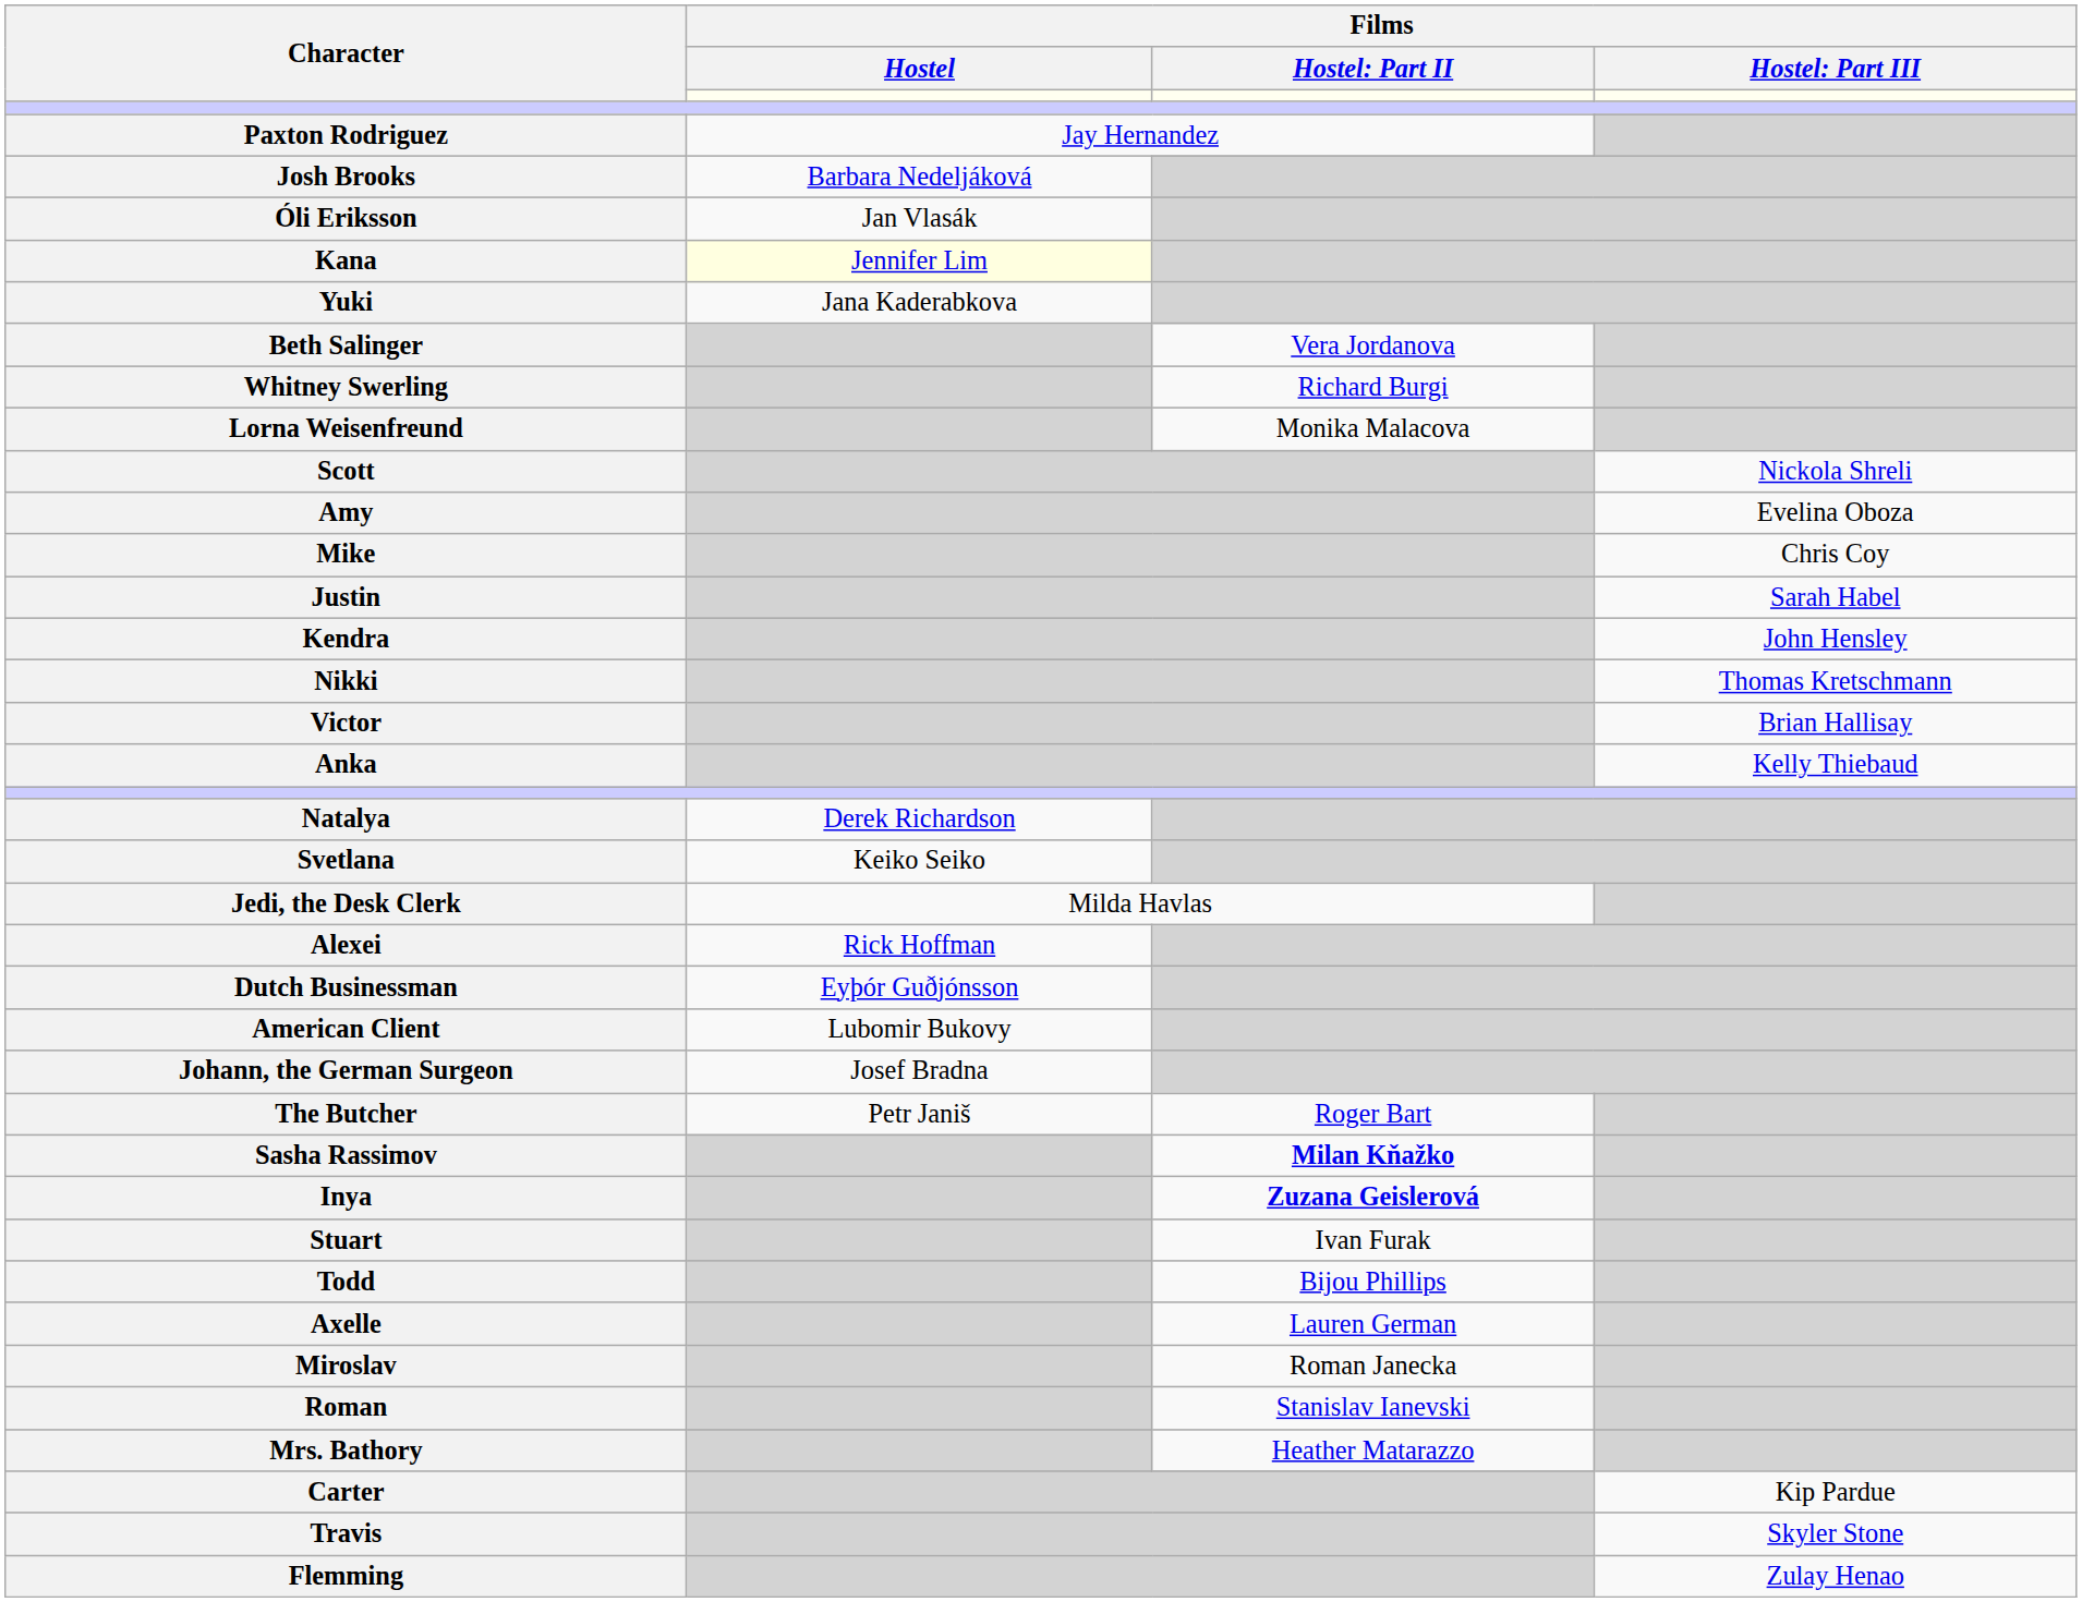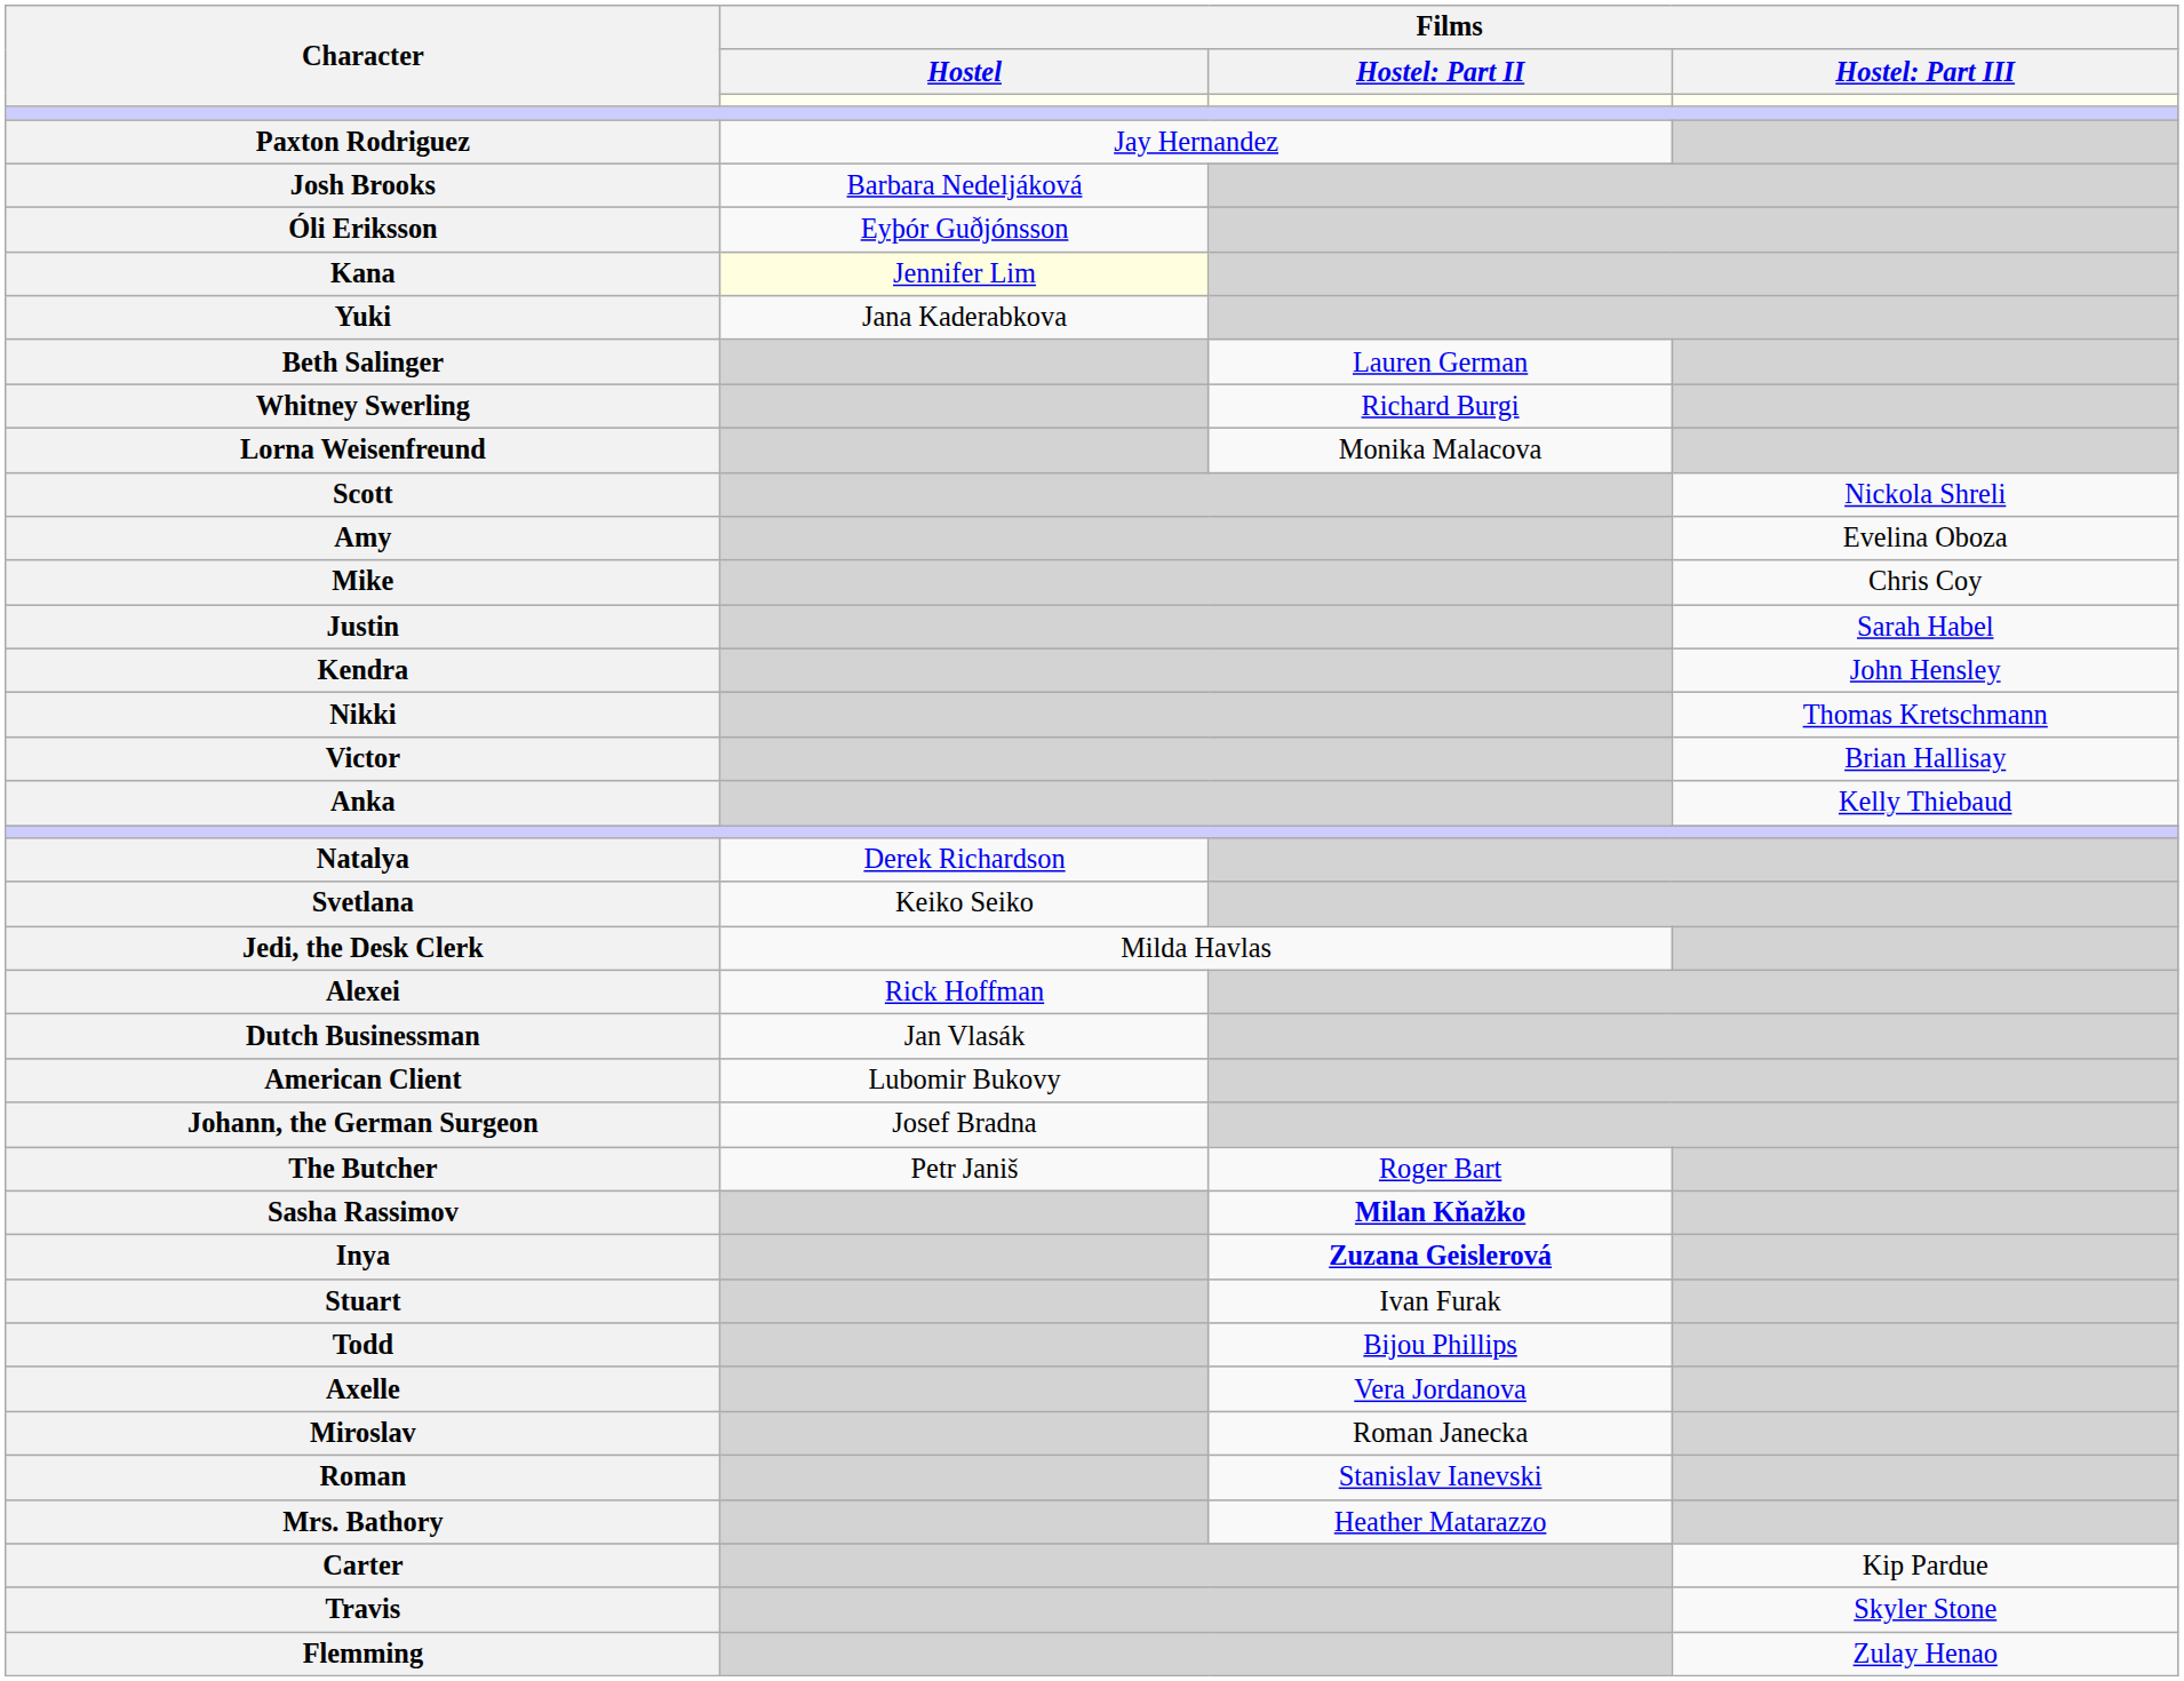 <table class="wikitable" style="text-align:center; width:99%;">
 <tr>
 <th rowspan="3">Character</th>
 <th colspan="4" style="text-align:center;">Films</th>
 </tr>
 <tr>
 <th style="text-align:center;"><em><a href='#'>Hostel</a></em></th>
 <th style="text-align:center;"><em><a href='#'>Hostel: Part II</a></em></th>
 <th style="text-align:center;"><em><a href='#'>Hostel: Part III</a></em></th>
 </tr>
 <tr>
 <th style="background:ivory;"></th>
 <th style="background:ivory;"></th>
 <th style="background:ivory;"></th>
 </tr>
 <tr>
 <th style="background-color:#ccccff;" colspan="4"></th>
 </tr>
 <tr>
 <th>Paxton Rodriguez</th>
 <td colspan="2"><a href='#'>Jay Hernandez</a></td>
 <td style="background:lightgrey;"> </td>
 </tr>
 <tr>
 <th>Josh Brooks</th>
 <td><a href='#'>Barbara Nedeljáková</a></td>
 <td colspan="2" style="background:lightgrey;"> </td>
 </tr>
 <tr>
 <th>Óli Eriksson</th>
-<td>Jan Vlasák</td>
+<td><a href='#'>Eyþór Guðjónsson</a></td>
 <td colspan="2" style="background:lightgrey;"> </td>
 </tr>
 <tr>
 <th>Kana</th>
 <td style="background: lightyellow;"><a href='#'>Jennifer Lim</a></td>
 <td colspan="2" style="background:lightgrey;"> </td>
 </tr>
 <tr>
 <th>Yuki</th>
 <td>Jana Kaderabkova</td>
 <td colspan="2" style="background:lightgrey;"> </td>
 </tr>
 <tr>
 <th>Beth Salinger</th>
 <td style="background:lightgrey;"> </td>
-<td><a href='#'>Vera Jordanova</a></td>
+<td><a href='#'>Lauren German</a></td>
 <td style="background:lightgrey;"> </td>
 </tr>
 <tr>
 <th>Whitney Swerling</th>
 <td style="background:lightgrey;"> </td>
 <td><a href='#'>Richard Burgi</a></td>
 <td style="background:lightgrey;"> </td>
 </tr>
 <tr>
 <th>Lorna Weisenfreund</th>
 <td style="background:lightgrey;"> </td>
 <td>Monika Malacova</td>
 <td style="background:lightgrey;"> </td>
 </tr>
 <tr>
 <th>Scott</th>
 <td colspan="2" style="background:lightgrey;"> </td>
 <td><a href='#'>Nickola Shreli</a></td>
 </tr>
 <tr>
 <th>Amy</th>
 <td colspan="2" style="background:lightgrey;"> </td>
 <td>Evelina Oboza</td>
 </tr>
 <tr>
 <th>Mike</th>
 <td colspan="2" style="background:lightgrey;"> </td>
 <td>Chris Coy</td>
 </tr>
 <tr>
 <th>Justin</th>
 <td colspan="2" style="background:lightgrey;"> </td>
 <td><a href='#'>Sarah Habel</a></td>
 </tr>
 <tr>
 <th>Kendra</th>
 <td colspan="2" style="background:lightgrey;"> </td>
 <td><a href='#'>John Hensley</a></td>
 </tr>
 <tr>
 <th>Nikki</th>
 <td colspan="2" style="background:lightgrey;"> </td>
 <td><a href='#'>Thomas Kretschmann</a></td>
 </tr>
 <tr>
 <th>Victor</th>
 <td colspan="2" style="background:lightgrey;"> </td>
 <td><a href='#'>Brian Hallisay</a></td>
 </tr>
 <tr>
 <th>Anka</th>
 <td colspan="2" style="background:lightgrey;"> </td>
 <td><a href='#'>Kelly Thiebaud</a></td>
 </tr>
 <tr>
 <th style="background-color:#ccccff;" colspan="4"></th>
 </tr>
 <tr>
 <th>Natalya</th>
 <td><a href='#'>Derek Richardson</a></td>
 <td colspan="2" style="background:lightgrey;"> </td>
 </tr>
 <tr>
 <th>Svetlana</th>
 <td>Keiko Seiko</td>
 <td colspan="2" style="background:lightgrey;"> </td>
 </tr>
 <tr>
 <th>Jedi, the Desk Clerk</th>
 <td colspan="2">Milda Havlas</td>
 <td style="background:lightgrey;"> </td>
 </tr>
 <tr>
 <th>Alexei</th>
 <td><a href='#'>Rick Hoffman</a></td>
 <td colspan="2" style="background:lightgrey;"> </td>
 </tr>
 <tr>
 <th>Dutch Businessman</th>
-<td><a href='#'>Eyþór Guðjónsson</a></td>
+<td>Jan Vlasák</td>
 <td colspan="2" style="background:lightgrey;"> </td>
 </tr>
 <tr>
 <th>American Client</th>
 <td>Lubomir Bukovy</td>
 <td colspan="2" style="background:lightgrey;"> </td>
 </tr>
 <tr>
 <th>Johann, the German Surgeon</th>
 <td>Josef Bradna</td>
 <td colspan="2" style="background:lightgrey;"> </td>
 </tr>
 <tr>
 <th>The Butcher</th>
 <td>Petr Janiš</td>
 <td><a href='#'>Roger Bart</a></td>
 <td style="background:lightgrey;"> </td>
 </tr>
 <tr>
 <th>Sasha Rassimov</th>
 <td style="background:lightgrey;"> </td>
 <td><strong><a href='#'>Milan Kňažko</a></strong></td>
 <td style="background:lightgrey;"> </td>
 </tr>
 <tr>
 <th>Inya</th>
 <td style="background:lightgrey;"> </td>
 <td><strong><a href='#'>Zuzana Geislerová</a></strong></td>
 <td style="background:lightgrey;"> </td>
 </tr>
 <tr>
 <th>Stuart</th>
 <td style="background:lightgrey;"> </td>
 <td>Ivan Furak</td>
 <td style="background:lightgrey;"> </td>
 </tr>
 <tr>
 <th>Todd</th>
 <td style="background:lightgrey;"> </td>
 <td><a href='#'>Bijou Phillips</a></td>
 <td style="background:lightgrey;"> </td>
 </tr>
 <tr>
 <th>Axelle</th>
 <td style="background:lightgrey;"> </td>
-<td><a href='#'>Lauren German</a></td>
+<td><a href='#'>Vera Jordanova</a></td>
 <td style="background:lightgrey;"> </td>
 </tr>
 <tr>
 <th>Miroslav</th>
 <td style="background:lightgrey;"> </td>
 <td>Roman Janecka</td>
 <td style="background:lightgrey;"> </td>
 </tr>
 <tr>
 <th>Roman</th>
 <td style="background:lightgrey;"> </td>
 <td><a href='#'>Stanislav Ianevski</a></td>
 <td style="background:lightgrey;"> </td>
 </tr>
 <tr>
 <th>Mrs. Bathory</th>
 <td style="background:lightgrey;"> </td>
 <td><a href='#'>Heather Matarazzo</a></td>
 <td style="background:lightgrey;"> </td>
 </tr>
 <tr>
 <th>Carter</th>
 <td colspan="2" style="background:lightgrey;"> </td>
 <td>Kip Pardue</td>
 </tr>
 <tr>
 <th>Travis</th>
 <td colspan="2" style="background:lightgrey;"> </td>
 <td><a href='#'>Skyler Stone</a></td>
 </tr>
 <tr>
 <th>Flemming</th>
 <td colspan="2" style="background:lightgrey;"> </td>
 <td><a href='#'>Zulay Henao</a></td>
 </tr>
 </table>
